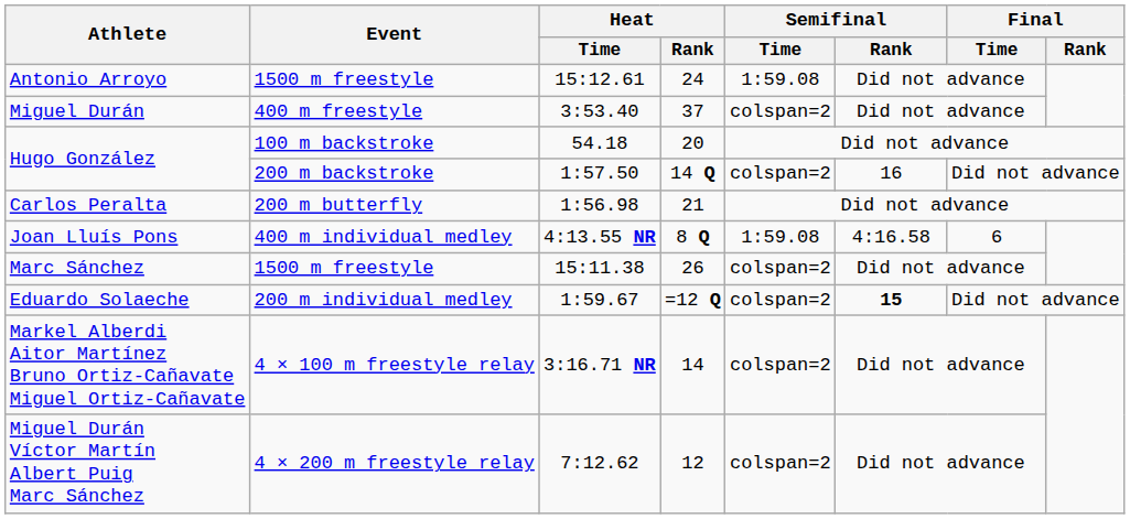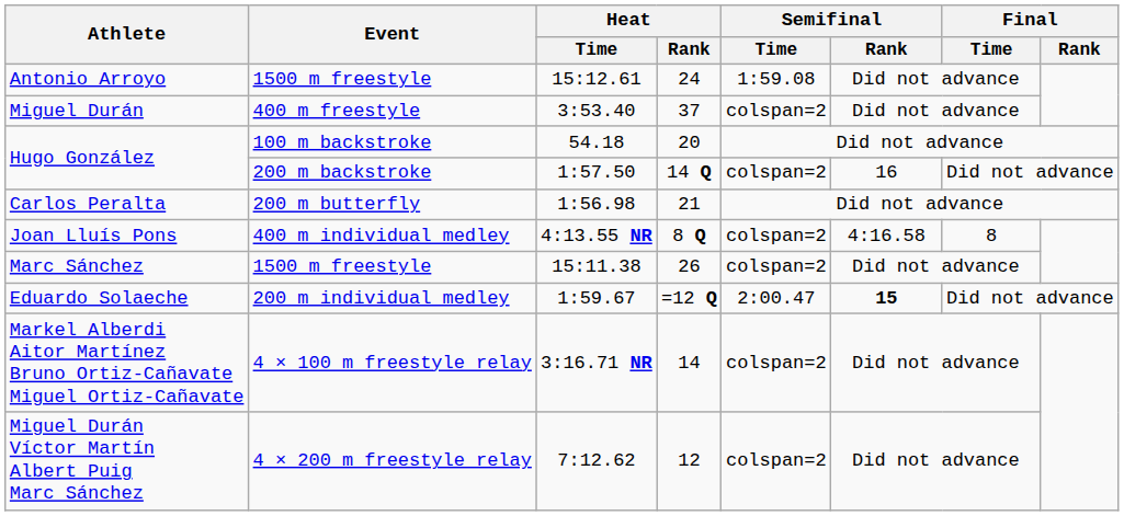 <table class=wikitable style="font-size:90%">
 <tr>
 <th rowspan="2">Athlete</th>
 <th rowspan="2">Event</th>
 <th colspan="2">Heat</th>
 <th colspan="2">Semifinal</th>
 <th colspan="2">Final</th>
 </tr>
 <tr style="font-size:95%">
 <th>Time</th>
 <th>Rank</th>
 <th>Time</th>
 <th>Rank</th>
 <th>Time</th>
 <th>Rank</th>
 </tr>
 <tr align=center>
 <td align=left><a href='#'>Antonio Arroyo</a></td>
 <td align=left><a href='#'>1500 m freestyle</a></td>
 <td>15:12.61</td>
 <td>24</td>
 <td>1:59.08</td>
 <td colspan=2>Did not advance</td>
 </tr>
 <tr align=center>
 <td align=left><a href='#'>Miguel Durán</a></td>
 <td align=left><a href='#'>400 m freestyle</a></td>
 <td>3:53.40</td>
 <td>37</td>
 <td>colspan=2 </td>
 <td colspan=2>Did not advance</td>
 </tr>
 <tr align=center>
 <td style="text-align:left;" rowspan="2"><a href='#'>Hugo González</a></td>
 <td align=left><a href='#'>100 m backstroke</a></td>
 <td>54.18</td>
 <td>20</td>
 <td colspan=4>Did not advance</td>
 </tr>
 <tr align=center>
 <td align=left><a href='#'>200 m backstroke</a></td>
 <td>1:57.50</td>
 <td>14 <strong>Q</strong></td>
 <td>colspan=2 </td>
 <td>16</td>
 <td colspan=2>Did not advance</td>
 </tr>
 <tr align=center>
 <td align=left><a href='#'>Carlos Peralta</a></td>
 <td align=left><a href='#'>200 m butterfly</a></td>
 <td>1:56.98</td>
 <td>21</td>
 <td colspan=4>Did not advance</td>
 </tr>
 <tr align=center>
 <td align=left><a href='#'>Joan Lluís Pons</a></td>
 <td align=left><a href='#'>400 m individual medley</a></td>
 <td>4:13.55 <strong><a href='#'>NR</a></strong></td>
 <td>8 <strong>Q</strong></td>
-<td>1:59.08</td>
+<td>colspan=2 </td>
 <td>4:16.58</td>
-<td>6</td>
+<td>8</td>
 </tr>
 <tr align=center>
 <td align=left><a href='#'>Marc Sánchez</a></td>
 <td align=left><a href='#'>1500 m freestyle</a></td>
 <td>15:11.38</td>
 <td>26</td>
 <td>colspan=2 </td>
 <td colspan=2>Did not advance</td>
 </tr>
 <tr align=center>
 <td align=left><a href='#'>Eduardo Solaeche</a></td>
 <td align=left><a href='#'>200 m individual medley</a></td>
 <td>1:59.67</td>
 <td>=12 <strong>Q</strong></td>
-<td>colspan=2 </td>
+<td>2:00.47</td>
 <td><strong>15</strong></td>
 <td colspan=2>Did not advance</td>
 </tr>
 <tr align=center>
 <td align=left><a href='#'>Markel Alberdi</a><br><a href='#'>Aitor Martínez</a><br><a href='#'>Bruno Ortiz-Cañavate</a><br><a href='#'>Miguel Ortiz-Cañavate</a></td>
 <td align=left><a href='#'>4 × 100 m freestyle relay</a></td>
 <td>3:16.71 <strong><a href='#'>NR</a></strong></td>
 <td>14</td>
 <td>colspan=2 </td>
 <td colspan=2>Did not advance</td>
 </tr>
 <tr align=center>
 <td align=left><a href='#'>Miguel Durán</a><br><a href='#'>Víctor Martín</a><br><a href='#'>Albert Puig</a><br><a href='#'>Marc Sánchez</a></td>
 <td align=left><a href='#'>4 × 200 m freestyle relay</a></td>
 <td>7:12.62</td>
 <td>12</td>
 <td>colspan=2 </td>
 <td colspan=2>Did not advance</td>
 </tr>
 </table>
